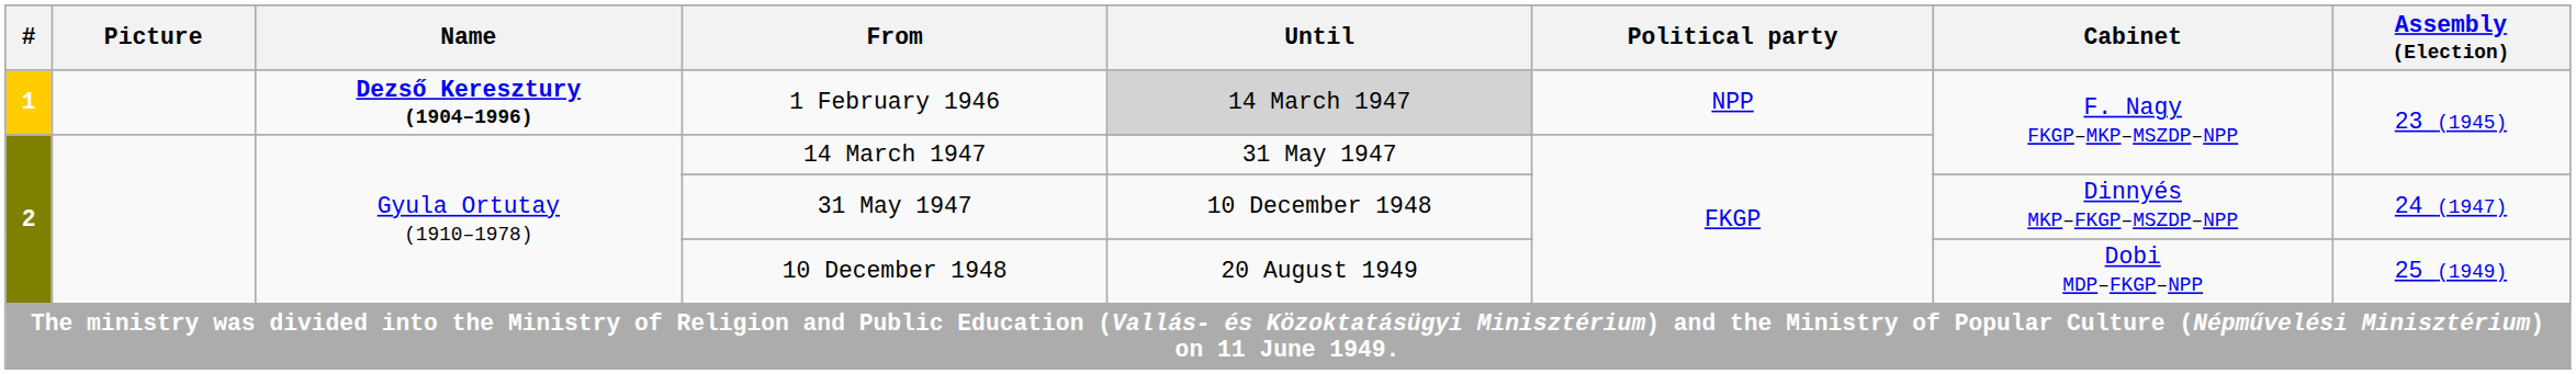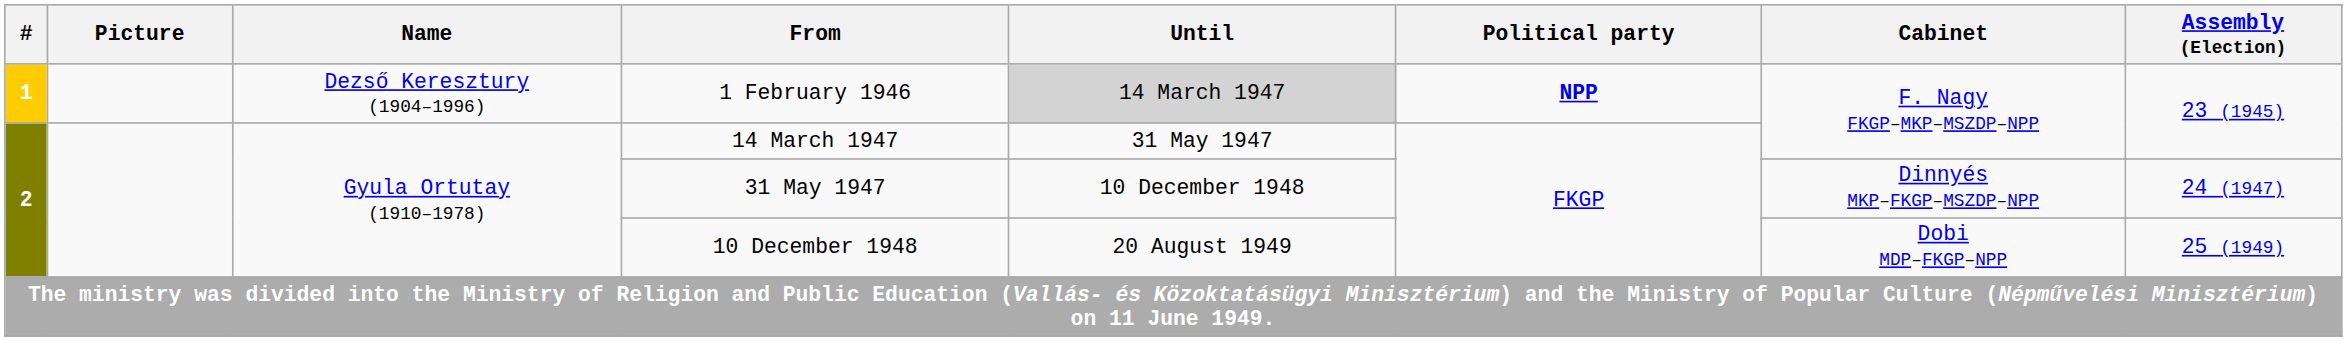 <table width=90% class="wikitable" style="text-align:center">
 <tr>
 <th>#</th>
 <th>Picture</th>
 <th>Name</th>
 <th>From</th>
 <th>Until</th>
 <th>Political party</th>
 <th>Cabinet</th>
 <th><a href='#'>Assembly</a><br><small>(Election)</small></th>
 </tr>
 <tr>
 <th style="background-color:#FFCC00; color:white">1</th>
 <td></td>
-<td><strong><a href='#'>Dezső Keresztury</a><br><small>(1904–1996)</small></strong></td>
+<td><a href='#'>Dezső Keresztury</a><br><small>(1904–1996)</small></td>
 <td>1 February 1946</td>
 <td style="background: lightgrey;">14 March 1947</td>
-<td><a href='#'>NPP</a></td>
+<td><strong><a href='#'>NPP</a></strong></td>
 <td rowspan="2"><a href='#'>F. Nagy</a><br><small><a href='#'>FKGP</a>–<a href='#'>MKP</a>–<a href='#'>MSZDP</a>–<a href='#'>NPP</a></small></td>
 <td rowspan="3"><a href='#'>23 <small>(1945)</small></a></td>
 </tr>
 <tr>
 <th rowspan="5" style="background-color:#808000; color:white">2</th>
 <td rowspan="5"></td>
 <td rowspan="5"><a href='#'>Gyula Ortutay</a><br><small>(1910–1978)</small></td>
 <td>14 March 1947</td>
 <td>31 May 1947</td>
 <td rowspan="5"><a href='#'>FKGP</a></td>
 </tr>
 <tr>
 <td rowspan="2">31 May 1947</td>
 <td rowspan="2">10 December 1948</td>
 <td rowspan="2"><a href='#'>Dinnyés</a><br><small><a href='#'>MKP</a>–<a href='#'>FKGP</a>–<a href='#'>MSZDP</a>–<a href='#'>NPP</a></small></td>
 </tr>
 <tr>
 <td rowspan="2"><a href='#'>24 <small>(1947)</small></a></td>
 </tr>
 <tr>
 <td rowspan="2">10 December 1948</td>
 <td rowspan="2">20 August 1949</td>
 <td rowspan="2"><a href='#'>Dobi</a><br><small><a href='#'>MDP</a>–<a href='#'>FKGP</a>–<a href='#'>NPP</a></small></td>
 </tr>
 <tr>
 <td><a href='#'>25 <small>(1949)</small></a></td>
 </tr>
 <tr>
 <th colspan="8" style="background-color:#ACACAC; color:white">The ministry was divided into the Ministry of Religion and Public Education (<em>Vallás- és Közoktatásügyi Minisztérium</em>) and the Ministry of Popular Culture (<em>Népművelési Minisztérium</em>) on 11 June 1949.</th>
 </tr>
 <tr>
 </tr>
 </table>
